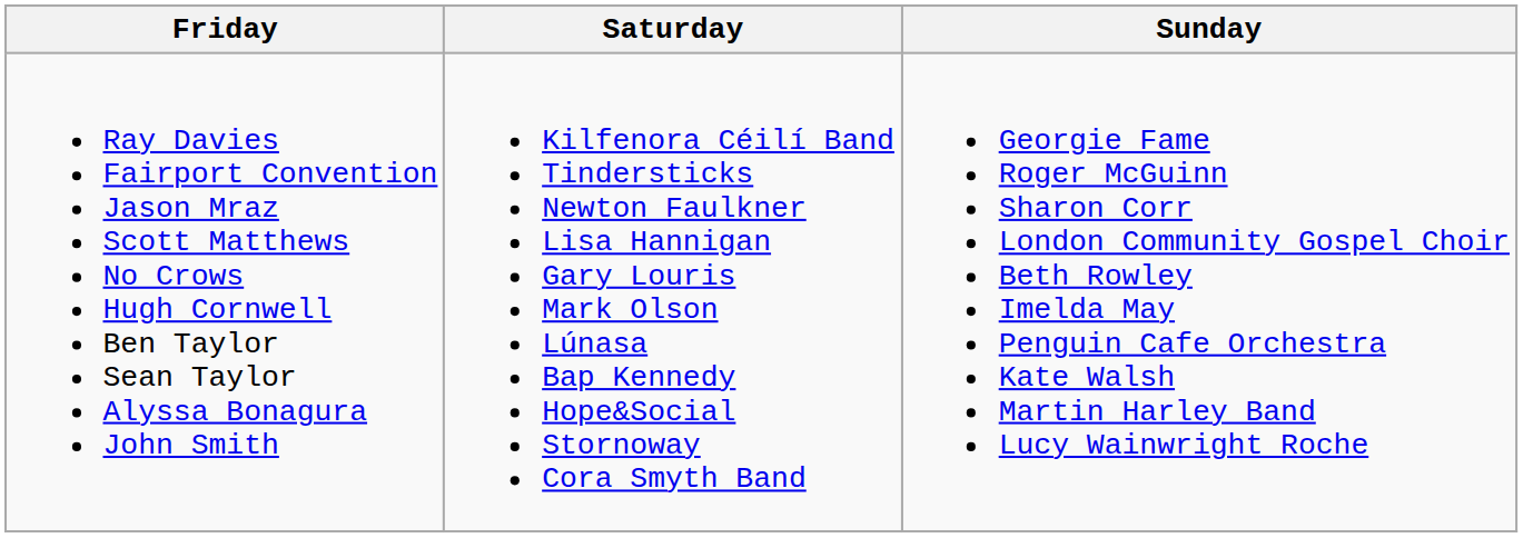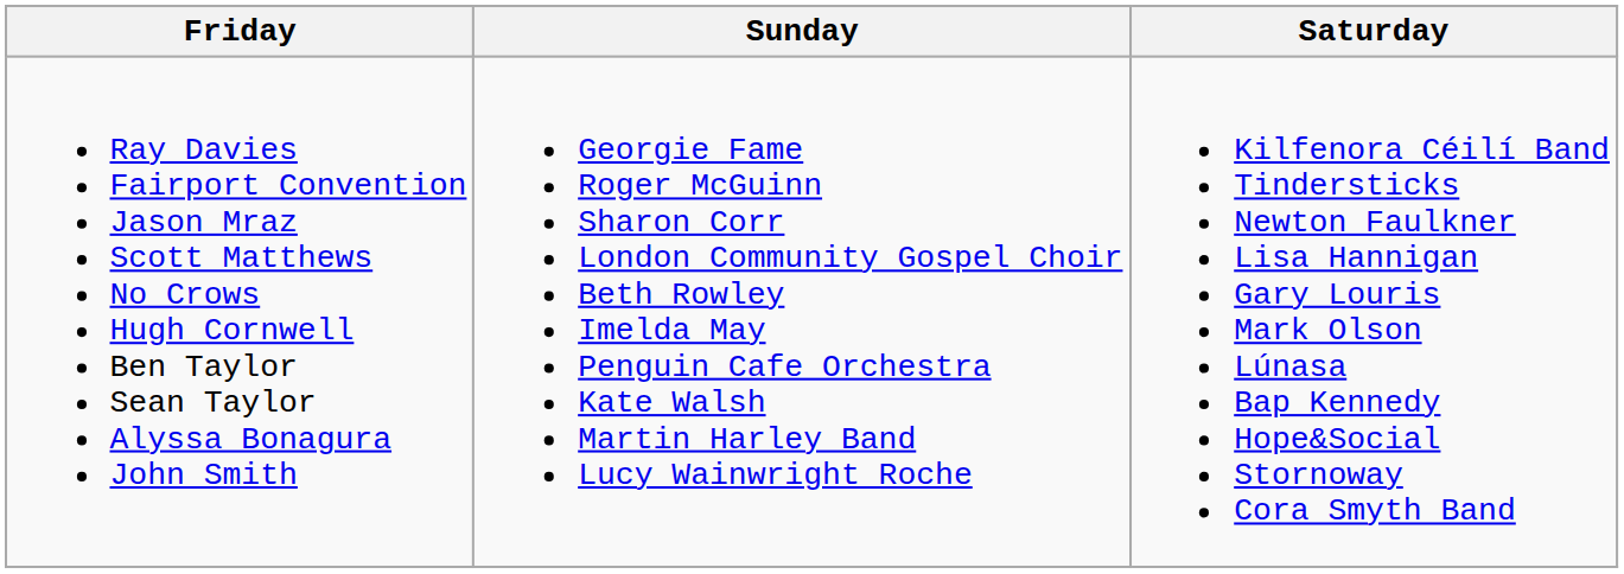 <table class="wikitable">
 <tr>
 <th>Friday</th>
+<th>Sunday</th>
 <th>Saturday</th>
-<th>Sunday</th>
 </tr>
 <tr valign="top">
 <td><br><ul><li><a href='#'>Ray Davies</a></li><li><a href='#'>Fairport Convention</a></li><li><a href='#'>Jason Mraz</a></li><li><a href='#'>Scott Matthews</a></li><li><a href='#'>No Crows</a></li><li><a href='#'>Hugh Cornwell</a></li><li>Ben Taylor</li><li>Sean Taylor</li><li><a href='#'>Alyssa Bonagura</a></li><li><a href='#'>John Smith</a></li></ul></td>
+<td><br><ul><li><a href='#'>Georgie Fame</a></li><li><a href='#'>Roger McGuinn</a></li><li><a href='#'>Sharon Corr</a></li><li><a href='#'>London Community Gospel Choir</a></li><li><a href='#'>Beth Rowley</a></li><li><a href='#'>Imelda May</a></li><li><a href='#'>Penguin Cafe Orchestra</a></li><li><a href='#'>Kate Walsh</a></li><li><a href='#'>Martin Harley Band</a></li><li><a href='#'>Lucy Wainwright Roche</a></li></ul></td>
 <td><br><ul><li><a href='#'>Kilfenora Céilí Band</a></li><li><a href='#'>Tindersticks</a></li><li><a href='#'>Newton Faulkner</a></li><li><a href='#'>Lisa Hannigan</a></li><li><a href='#'>Gary Louris</a></li><li><a href='#'>Mark Olson</a></li><li><a href='#'>Lúnasa</a></li><li><a href='#'>Bap Kennedy</a></li><li><a href='#'>Hope&Social</a></li><li><a href='#'>Stornoway</a></li><li><a href='#'>Cora Smyth Band</a></li></ul></td>
-<td><br><ul><li><a href='#'>Georgie Fame</a></li><li><a href='#'>Roger McGuinn</a></li><li><a href='#'>Sharon Corr</a></li><li><a href='#'>London Community Gospel Choir</a></li><li><a href='#'>Beth Rowley</a></li><li><a href='#'>Imelda May</a></li><li><a href='#'>Penguin Cafe Orchestra</a></li><li><a href='#'>Kate Walsh</a></li><li><a href='#'>Martin Harley Band</a></li><li><a href='#'>Lucy Wainwright Roche</a></li></ul></td>
 </tr>
 </table>
